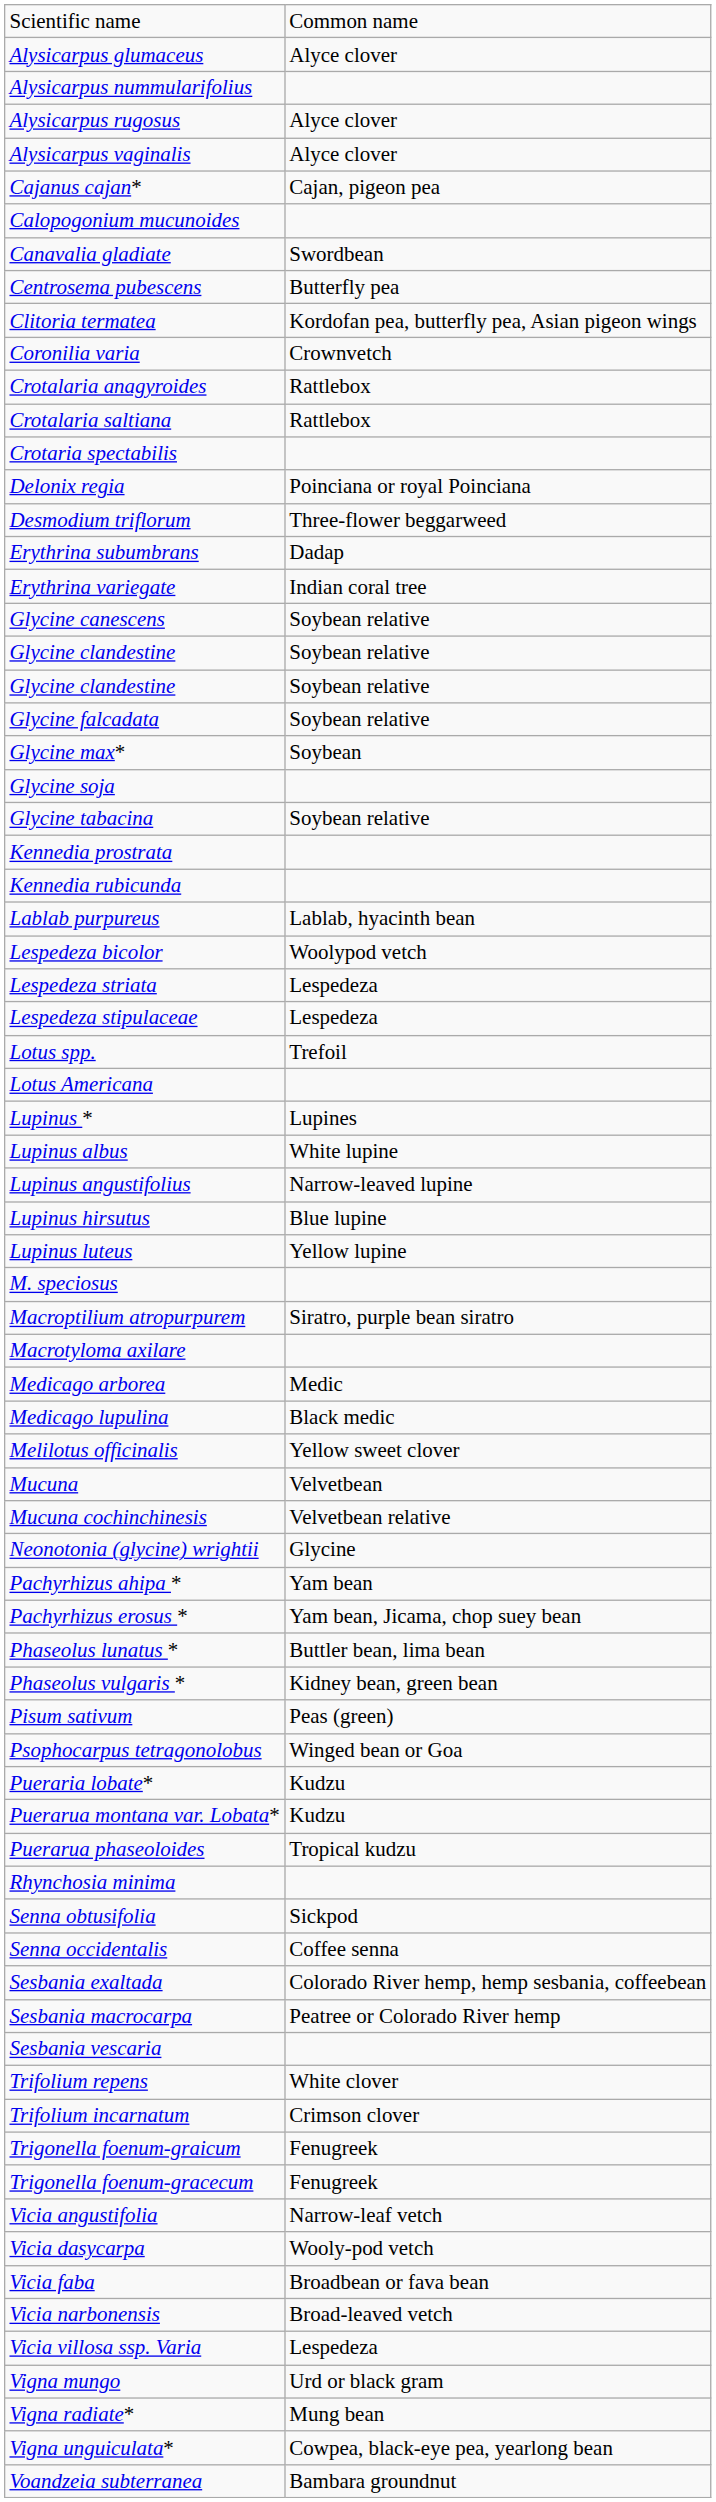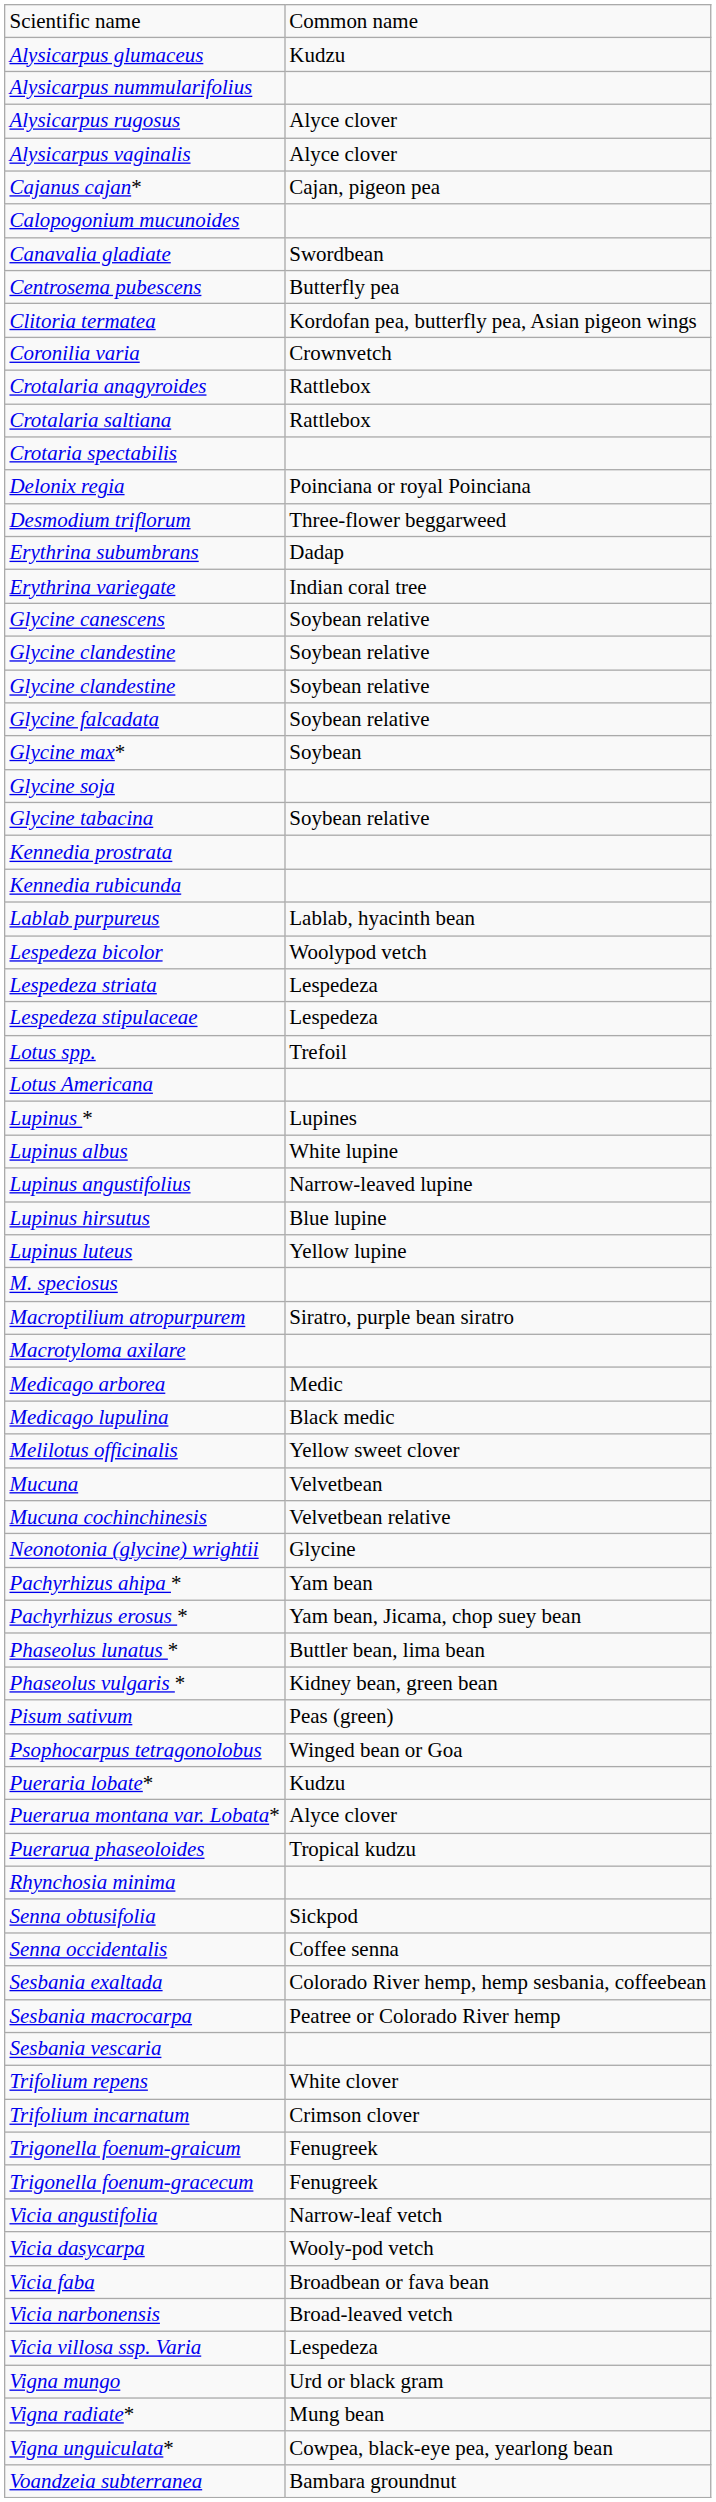 <table class="wikitable">
 <tr>
 <td>Scientific name</td>
 <td>Common name</td>
 </tr>
 <tr>
 <td><em><a href='#'>Alysicarpus glumaceus</a></em></td>
-<td>Alyce clover</td>
+<td>Kudzu</td>
 </tr>
 <tr>
 <td><em><a href='#'>Alysicarpus nummularifolius</a></em></td>
 <td></td>
 </tr>
 <tr>
 <td><em><a href='#'>Alysicarpus rugosus</a></em></td>
 <td>Alyce clover</td>
 </tr>
 <tr>
 <td><em><a href='#'>Alysicarpus vaginalis</a></em></td>
 <td>Alyce clover</td>
 </tr>
 <tr>
 <td><em><a href='#'>Cajanus cajan</a></em>*</td>
 <td>Cajan, pigeon pea</td>
 </tr>
 <tr>
 <td><em><a href='#'>Calopogonium mucunoides</a></em></td>
 <td></td>
 </tr>
 <tr>
 <td><em><a href='#'>Canavalia gladiate</a></em></td>
 <td>Swordbean</td>
 </tr>
 <tr>
 <td><em><a href='#'>Centrosema pubescens</a></em></td>
 <td>Butterfly pea</td>
 </tr>
 <tr>
 <td><em><a href='#'>Clitoria termatea</a></em></td>
 <td>Kordofan pea, butterfly pea, Asian pigeon wings</td>
 </tr>
 <tr>
 <td><em><a href='#'>Coronilia varia</a></em></td>
 <td>Crownvetch</td>
 </tr>
 <tr>
 <td><em><a href='#'>Crotalaria anagyroides</a></em></td>
 <td>Rattlebox</td>
 </tr>
 <tr>
 <td><em><a href='#'>Crotalaria saltiana</a></em></td>
 <td>Rattlebox</td>
 </tr>
 <tr>
 <td><em><a href='#'>Crotaria spectabilis</a></em></td>
 <td></td>
 </tr>
 <tr>
 <td><em><a href='#'>Delonix regia</a></em></td>
 <td>Poinciana or royal Poinciana</td>
 </tr>
 <tr>
 <td><em><a href='#'>Desmodium triflorum</a></em></td>
 <td>Three-flower beggarweed</td>
 </tr>
 <tr>
 <td><em><a href='#'>Erythrina subumbrans</a></em></td>
 <td>Dadap</td>
 </tr>
 <tr>
 <td><em><a href='#'>Erythrina variegate</a></em></td>
 <td>Indian coral tree</td>
 </tr>
 <tr>
 <td><em><a href='#'>Glycine canescens</a></em></td>
 <td>Soybean relative</td>
 </tr>
 <tr>
 <td><em><a href='#'>Glycine clandestine</a></em></td>
 <td>Soybean relative</td>
 </tr>
 <tr>
 <td><em><a href='#'>Glycine clandestine</a></em></td>
 <td>Soybean relative</td>
 </tr>
 <tr>
 <td><em><a href='#'>Glycine falcadata</a></em></td>
 <td>Soybean relative</td>
 </tr>
 <tr>
 <td><em><a href='#'>Glycine max</a></em>*</td>
 <td>Soybean</td>
 </tr>
 <tr>
 <td><em><a href='#'>Glycine soja</a></em></td>
 <td></td>
 </tr>
 <tr>
 <td><em><a href='#'>Glycine tabacina</a></em></td>
 <td>Soybean relative</td>
 </tr>
 <tr>
 <td><em><a href='#'>Kennedia prostrata</a></em></td>
 <td></td>
 </tr>
 <tr>
 <td><em><a href='#'>Kennedia rubicunda</a></em></td>
 <td></td>
 </tr>
 <tr>
 <td><em><a href='#'>Lablab purpureus</a></em></td>
 <td>Lablab, hyacinth bean</td>
 </tr>
 <tr>
 <td><em><a href='#'>Lespedeza bicolor</a></em></td>
 <td>Woolypod vetch</td>
 </tr>
 <tr>
 <td><em><a href='#'>Lespedeza striata</a></em></td>
 <td>Lespedeza</td>
 </tr>
 <tr>
 <td><em><a href='#'>Lespedeza stipulaceae</a></em></td>
 <td>Lespedeza</td>
 </tr>
 <tr>
 <td><em><a href='#'>Lotus spp.</a></em></td>
 <td>Trefoil</td>
 </tr>
 <tr>
 <td><em><a href='#'>Lotus Americana</a></em></td>
 <td></td>
 </tr>
 <tr>
 <td><em><a href='#'>Lupinus </a></em>*</td>
 <td>Lupines</td>
 </tr>
 <tr>
 <td><em><a href='#'>Lupinus albus</a></em></td>
 <td>White lupine</td>
 </tr>
 <tr>
 <td><em><a href='#'>Lupinus angustifolius</a></em></td>
 <td>Narrow-leaved lupine</td>
 </tr>
 <tr>
 <td><em><a href='#'>Lupinus hirsutus</a></em></td>
 <td>Blue lupine</td>
 </tr>
 <tr>
 <td><em><a href='#'>Lupinus luteus</a></em></td>
 <td>Yellow lupine</td>
 </tr>
 <tr>
 <td><em><a href='#'>M. speciosus</a></em></td>
 <td></td>
 </tr>
 <tr>
 <td><em><a href='#'>Macroptilium atropurpurem</a></em></td>
 <td>Siratro, purple bean siratro</td>
 </tr>
 <tr>
 <td><em><a href='#'>Macrotyloma axilare</a></em></td>
 <td></td>
 </tr>
 <tr>
 <td><em><a href='#'>Medicago arborea</a></em></td>
 <td>Medic</td>
 </tr>
 <tr>
 <td><em><a href='#'>Medicago lupulina</a></em></td>
 <td>Black medic</td>
 </tr>
 <tr>
 <td><em><a href='#'>Melilotus officinalis</a></em></td>
 <td>Yellow sweet clover</td>
 </tr>
 <tr>
 <td><em><a href='#'>Mucuna</a></em></td>
 <td>Velvetbean</td>
 </tr>
 <tr>
 <td><em><a href='#'>Mucuna cochinchinesis</a></em></td>
 <td>Velvetbean relative</td>
 </tr>
 <tr>
 <td><em><a href='#'>Neonotonia (glycine) wrightii</a></em></td>
 <td>Glycine</td>
 </tr>
 <tr>
 <td><em><a href='#'>Pachyrhizus ahipa </a></em>*</td>
 <td>Yam bean</td>
 </tr>
 <tr>
 <td><em><a href='#'>Pachyrhizus erosus </a></em>*</td>
 <td>Yam bean, Jicama, chop suey bean</td>
 </tr>
 <tr>
 <td><em><a href='#'>Phaseolus lunatus </a></em>*</td>
 <td>Buttler bean, lima bean</td>
 </tr>
 <tr>
 <td><em><a href='#'>Phaseolus vulgaris </a></em>*</td>
 <td>Kidney bean, green bean</td>
 </tr>
 <tr>
 <td><em><a href='#'>Pisum sativum</a></em></td>
 <td>Peas (green)</td>
 </tr>
 <tr>
 <td><em><a href='#'>Psophocarpus tetragonolobus</a></em></td>
 <td>Winged bean or Goa</td>
 </tr>
 <tr>
 <td><em><a href='#'>Pueraria lobate</a></em>*</td>
 <td>Kudzu</td>
 </tr>
 <tr>
 <td><em><a href='#'>Puerarua montana var. Lobata</a></em>*</td>
-<td>Kudzu</td>
+<td>Alyce clover</td>
 </tr>
 <tr>
 <td><em><a href='#'>Puerarua phaseoloides</a></em></td>
 <td>Tropical kudzu</td>
 </tr>
 <tr>
 <td><em><a href='#'>Rhynchosia minima</a></em></td>
 <td></td>
 </tr>
 <tr>
 <td><em><a href='#'>Senna obtusifolia</a></em></td>
 <td>Sickpod</td>
 </tr>
 <tr>
 <td><em><a href='#'>Senna occidentalis</a></em></td>
 <td>Coffee senna</td>
 </tr>
 <tr>
 <td><em><a href='#'>Sesbania exaltada</a></em></td>
 <td>Colorado River hemp, hemp sesbania, coffeebean</td>
 </tr>
 <tr>
 <td><em><a href='#'>Sesbania macrocarpa</a></em></td>
 <td>Peatree or Colorado River hemp</td>
 </tr>
 <tr>
 <td><em><a href='#'>Sesbania vescaria</a></em></td>
 <td></td>
 </tr>
 <tr>
 <td><em><a href='#'>Trifolium repens</a></em></td>
 <td>White clover</td>
 </tr>
 <tr>
 <td><em><a href='#'>Trifolium incarnatum</a></em></td>
 <td>Crimson clover</td>
 </tr>
 <tr>
 <td><em><a href='#'>Trigonella foenum-graicum</a></em></td>
 <td>Fenugreek</td>
 </tr>
 <tr>
 <td><em><a href='#'>Trigonella foenum-gracecum</a></em></td>
 <td>Fenugreek</td>
 </tr>
 <tr>
 <td><em><a href='#'>Vicia angustifolia</a></em></td>
 <td>Narrow-leaf vetch</td>
 </tr>
 <tr>
 <td><em><a href='#'>Vicia dasycarpa</a></em></td>
 <td>Wooly-pod vetch</td>
 </tr>
 <tr>
 <td><em><a href='#'>Vicia faba</a></em></td>
 <td>Broadbean or fava bean</td>
 </tr>
 <tr>
 <td><em><a href='#'>Vicia narbonensis</a></em></td>
 <td>Broad-leaved vetch</td>
 </tr>
 <tr>
 <td><em><a href='#'>Vicia villosa ssp. Varia</a></em></td>
 <td>Lespedeza</td>
 </tr>
 <tr>
 <td><em><a href='#'>Vigna mungo</a></em></td>
 <td>Urd or black gram</td>
 </tr>
 <tr>
 <td><em><a href='#'>Vigna radiate</a></em>*</td>
 <td>Mung bean</td>
 </tr>
 <tr>
 <td><em><a href='#'>Vigna unguiculata</a></em>*</td>
 <td>Cowpea, black-eye pea, yearlong bean</td>
 </tr>
 <tr>
 <td><em><a href='#'>Voandzeia subterranea</a></em></td>
 <td>Bambara groundnut</td>
 </tr>
 </table>
